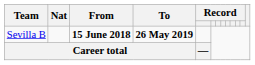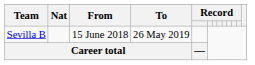 <table class="wikitable" style="text-align: center">
 <tr>
 <th rowspan="2">Team</th>
 <th rowspan="2">Nat</th>
 <th rowspan="2">From</th>
 <th rowspan="2">To</th>
 <th colspan="8">Record</th>
 <th rowspan=2></th>
 </tr>
 <tr>
 <th></th>
 <th></th>
 <th></th>
 <th></th>
 <th></th>
 <th></th>
 <th></th>
 <th></th>
 </tr>
 <tr>
 <td align="left"><a href='#'>Sevilla B</a></td>
 <td></td>
-<td align=left><strong>15 June 2018</strong></td>
-<td align=left><strong>26 May 2019<br></strong></td>
+<td align=left>15 June 2018</td>
+<td align=left>26 May 2019<br></td>
 <td></td>
 </tr>
 <tr>
 <th colspan=4>Career total<br></th>
 <th>—</th>
 </tr>
 </table>
